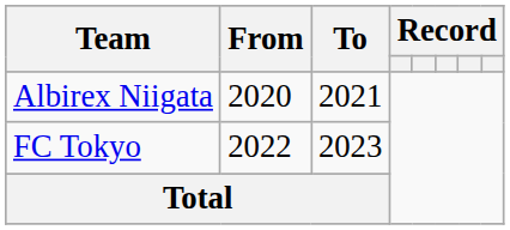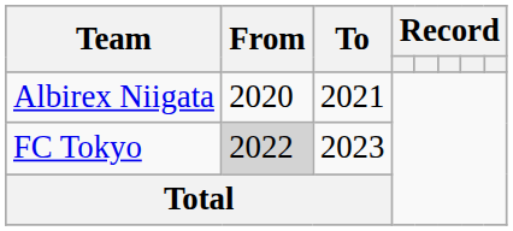 <table class=wikitable style="text-align:center">
 <tr>
 <th rowspan=2>Team</th>
 <th rowspan=2>From</th>
 <th rowspan=2>To</th>
 <th colspan=5>Record</th>
 </tr>
 <tr>
 <th></th>
 <th></th>
 <th></th>
 <th></th>
 <th></th>
 </tr>
 <tr>
 <td align=left><a href='#'>Albirex Niigata</a></td>
 <td align=left>2020</td>
 <td align=left>2021<br></td>
 </tr>
 <tr>
 <td align=left><a href='#'>FC Tokyo</a></td>
-<td align=left>2022</td>
+<td align=left style="background: lightgrey;">2022</td>
 <td align=left>2023<br></td>
 </tr>
 <tr>
 <th colspan=3>Total<br></th>
 </tr>
 </table>
